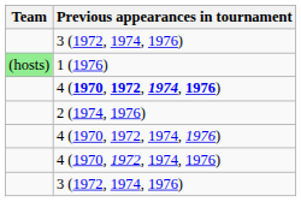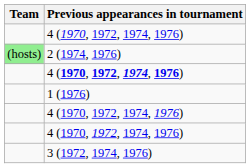 <table class="wikitable sortable">
 <tr>
 <th>Team</th>
 <th data-sort-type="number">Previous appearances in tournament</th>
 </tr>
 <tr>
 <td></td>
-<td>3 (<a href='#'>1972</a>, <a href='#'>1974</a>, <a href='#'>1976</a>)</td>
+<td>4 (<em><a href='#'>1970</a></em>, <a href='#'>1972</a>, <a href='#'>1974</a>, <a href='#'>1976</a>)</td>
 </tr>
 <tr>
 <td style="background: lightgreen;"> (hosts)</td>
-<td>1 (<a href='#'>1976</a>)</td>
+<td>2 (<a href='#'>1974</a>, <a href='#'>1976</a>)</td>
 </tr>
 <tr>
 <td></td>
 <td>4 (<strong><a href='#'>1970</a></strong>, <strong><a href='#'>1972</a></strong>, <strong><em><a href='#'>1974</a></em></strong>, <strong><a href='#'>1976</a></strong>)</td>
 </tr>
 <tr>
 <td></td>
-<td>2 (<a href='#'>1974</a>, <a href='#'>1976</a>)</td>
+<td>1 (<a href='#'>1976</a>)</td>
 </tr>
 <tr>
 <td></td>
 <td>4 (<a href='#'>1970</a>, <a href='#'>1972</a>, <a href='#'>1974</a>, <em><a href='#'>1976</a></em>)</td>
 </tr>
 <tr>
 <td></td>
 <td>4 (<a href='#'>1970</a>, <em><a href='#'>1972</a></em>, <a href='#'>1974</a>, <a href='#'>1976</a>)</td>
 </tr>
 <tr>
 <td></td>
 <td>3 (<a href='#'>1972</a>, <a href='#'>1974</a>, <a href='#'>1976</a>)</td>
 </tr>
 </table>
